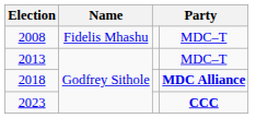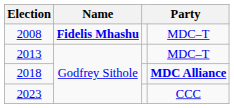 <table class="wikitable" style="text-align:center">
 <tr>
 <th>Election</th>
 <th>Name</th>
 <th colspan="2">Party</th>
 </tr>
 <tr>
 <td><a href='#'>2008</a></td>
-<td><a href='#'>Fidelis Mhashu</a></td>
+<td><strong><a href='#'>Fidelis Mhashu</a></strong></td>
 <td style="background-color: "></td>
 <td><a href='#'>MDC–T</a></td>
 </tr>
 <tr>
 <td><a href='#'>2013</a></td>
 <td rowspan="3"><a href='#'>Godfrey Sithole</a></td>
 <td style="background-color: "></td>
 <td><a href='#'>MDC–T</a></td>
 </tr>
 <tr>
 <td><a href='#'>2018</a></td>
 <td style="background-color: "></td>
 <td><strong><a href='#'>MDC Alliance</a></strong></td>
 </tr>
 <tr>
 <td><a href='#'>2023</a></td>
 <td style="background-color: "></td>
-<td><strong><a href='#'>CCC</a></strong></td>
+<td><a href='#'>CCC</a></td>
 </tr>
 </table>
